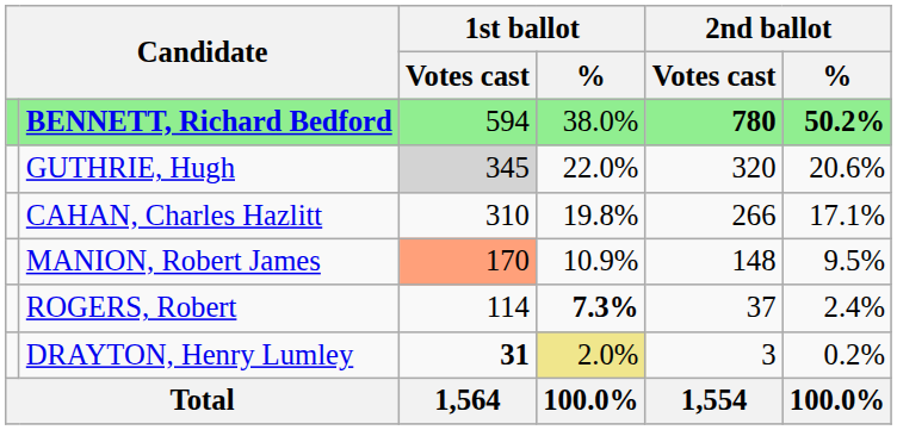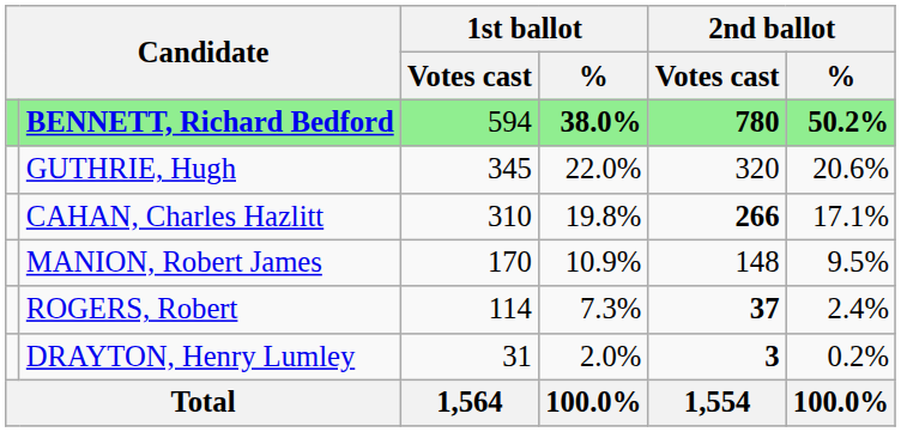 <table class="wikitable">
 <tr>
 <th rowspan="2" colspan="2">Candidate</th>
 <th colspan="2">1st ballot</th>
 <th colspan="2">2nd ballot</th>
 </tr>
 <tr>
 <th>Votes cast</th>
 <th>%</th>
 <th>Votes cast</th>
 <th>%</th>
 </tr>
 <tr style="background:lightgreen;">
 <td></td>
 <td><strong><a href='#'>BENNETT, Richard Bedford</a></strong></td>
 <td align="right">594</td>
-<td align="right">38.0%</td>
+<td align="right"><strong>38.0%</strong></td>
 <td align="right"><strong>780</strong></td>
 <td align="right"><strong>50.2%</strong></td>
 </tr>
 <tr>
 <td></td>
 <td><a href='#'>GUTHRIE, Hugh</a></td>
-<td align="right" style="background: lightgrey;">345</td>
+<td align="right">345</td>
 <td align="right">22.0%</td>
 <td align="right">320</td>
 <td align="right">20.6%</td>
 </tr>
 <tr>
 <td></td>
 <td><a href='#'>CAHAN, Charles Hazlitt</a></td>
 <td align="right">310</td>
 <td align="right">19.8%</td>
-<td align="right">266</td>
+<td align="right"><strong>266</strong></td>
 <td align="right">17.1%</td>
 </tr>
 <tr>
 <td></td>
 <td><a href='#'>MANION, Robert James</a></td>
-<td align="right" style="background: lightsalmon;">170</td>
+<td align="right">170</td>
 <td align="right">10.9%</td>
 <td align="right">148</td>
 <td align="right">9.5%</td>
 </tr>
 <tr>
 <td></td>
 <td><a href='#'>ROGERS, Robert</a></td>
 <td align="right">114</td>
-<td align="right"><strong>7.3%</strong></td>
-<td align="right">37</td>
+<td align="right">7.3%</td>
+<td align="right"><strong>37</strong></td>
 <td align="right">2.4%</td>
 </tr>
 <tr>
 <td></td>
 <td><a href='#'>DRAYTON, Henry Lumley</a></td>
-<td align="right"><strong>31</strong></td>
-<td align="right" style="background: khaki;">2.0%</td>
-<td align="right">3</td>
+<td align="right">31</td>
+<td align="right">2.0%</td>
+<td align="right"><strong>3</strong></td>
 <td align="right">0.2%</td>
 </tr>
 <tr>
 <th colspan="2">Total</th>
 <th align="right">1,564</th>
 <th align="right">100.0%</th>
 <th align="right">1,554</th>
 <th align="right">100.0%</th>
 </tr>
 </table>
